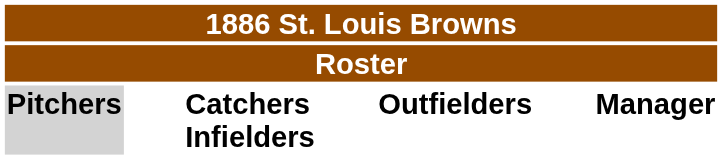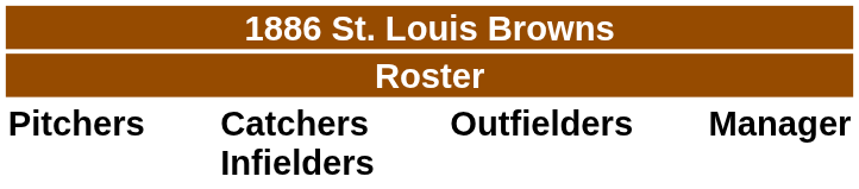 <table class="toccolours" style="font-size: 95%;">
 <tr>
 <th colspan="10" style="background-color: #964B00; color: white; text-align: center;">1886 St. Louis Browns</th>
 </tr>
 <tr>
 <td colspan="10" style="background-color: #964B00; color: white; text-align: center;"><strong>Roster</strong></td>
 </tr>
 <tr>
-<td valign="top" style="background: lightgrey;"><strong>Pitchers</strong><br>    </td>
+<td valign="top"><strong>Pitchers</strong><br>    </td>
 <td width="25px"></td>
 <td valign="top"><strong>Catchers</strong><br>   <strong>Infielders</strong>     </td>
 <td width="25px"></td>
 <td valign="top"><strong>Outfielders</strong><br>  </td>
 <td width="25px"></td>
 <td valign="top"><strong>Manager</strong><br></td>
 </tr>
 </table>
